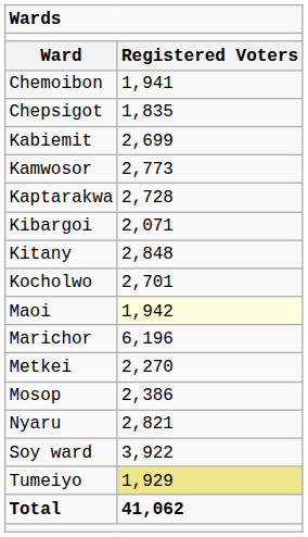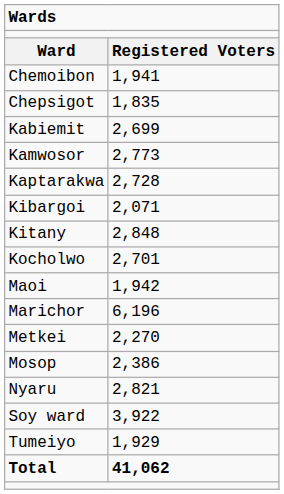 <table class="wikitable">
 <tr>
 <td colspan="2"><strong>Wards</strong></td>
 </tr>
 <tr>
 <td colspan="2"></td>
 </tr>
 <tr>
 <th>Ward</th>
 <th>Registered Voters</th>
 </tr>
 <tr>
 <td>Chemoibon</td>
 <td>1,941</td>
 </tr>
 <tr>
 <td>Chepsigot</td>
 <td>1,835</td>
 </tr>
 <tr>
 <td>Kabiemit</td>
 <td>2,699</td>
 </tr>
 <tr>
 <td>Kamwosor</td>
 <td>2,773</td>
 </tr>
 <tr>
 <td>Kaptarakwa</td>
 <td>2,728</td>
 </tr>
 <tr>
 <td>Kibargoi</td>
 <td>2,071</td>
 </tr>
 <tr>
 <td>Kitany</td>
 <td>2,848</td>
 </tr>
 <tr>
 <td>Kocholwo</td>
 <td>2,701</td>
 </tr>
 <tr>
 <td>Maoi</td>
-<td style="background: lightyellow;">1,942</td>
+<td>1,942</td>
 </tr>
 <tr>
 <td>Marichor</td>
 <td>6,196</td>
 </tr>
 <tr>
 <td>Metkei</td>
 <td>2,270</td>
 </tr>
 <tr>
 <td>Mosop</td>
 <td>2,386</td>
 </tr>
 <tr>
 <td>Nyaru</td>
 <td>2,821</td>
 </tr>
 <tr>
 <td>Soy ward</td>
 <td>3,922</td>
 </tr>
 <tr>
 <td>Tumeiyo</td>
-<td style="background: khaki;">1,929</td>
+<td>1,929</td>
 </tr>
 <tr>
 <td><strong>Total</strong></td>
 <td><strong>41,062</strong></td>
 </tr>
 <tr>
 <td colspan="2"></td>
 </tr>
 </table>
